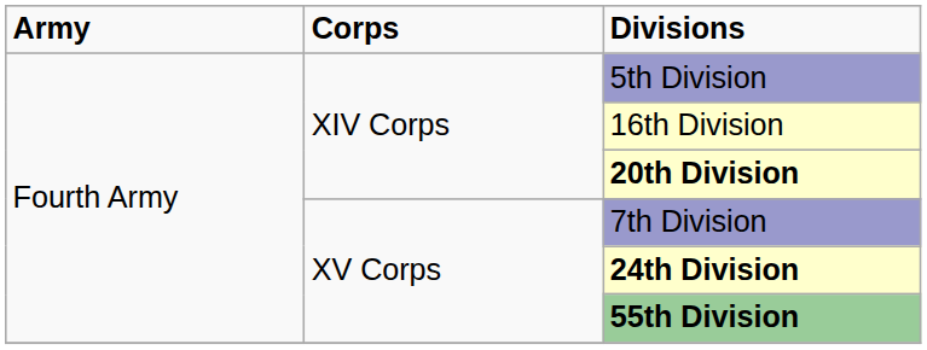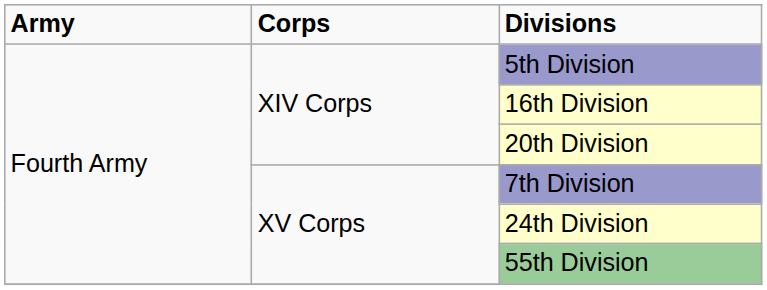 <table class="wikitable">
 <tr>
 <td width="150pt"><strong>Army</strong></td>
 <td width="150pt"><strong>Corps</strong></td>
 <td width="160pt"><strong>Divisions</strong></td>
 </tr>
 <tr>
 <td rowspan="6">Fourth Army</td>
 <td rowspan="3">XIV Corps</td>
 <td style="background:#9999CC">5th Division</td>
 </tr>
 <tr>
 <td style="background:#FFFFCC;">16th Division</td>
 </tr>
 <tr>
-<td style="background:#FFFFCC;"><strong>20th Division</strong></td>
+<td style="background:#FFFFCC;">20th Division</td>
 </tr>
 <tr>
 <td rowspan="3">XV Corps</td>
 <td style="background:#9999CC;">7th Division</td>
 </tr>
 <tr>
-<td style="background:#FFFFCC;"><strong>24th Division</strong></td>
+<td style="background:#FFFFCC;">24th Division</td>
 </tr>
 <tr>
-<td style="background:#99CC99"><strong>55th Division</strong></td>
+<td style="background:#99CC99">55th Division</td>
 </tr>
 <tr>
 </tr>
 </table>
